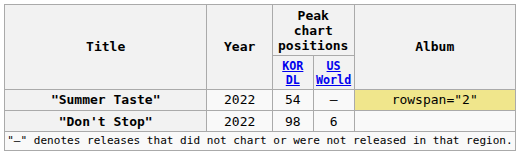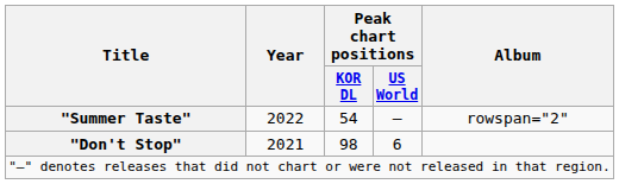 <table class="wikitable plainrowheaders" style="text-align:center;">
 <tr>
 <th scope="col" rowspan="2">Title</th>
 <th scope="col" rowspan="2">Year</th>
 <th scope="col" colspan="2">Peak<br>chart<br>positions</th>
 <th scope="col" rowspan="2">Album</th>
 </tr>
 <tr>
 <th scope="col" style="width:3em;font-size:90%;"><a href='#'>KOR<br>DL</a><br></th>
 <th scope="col" style="width:3em;font-size:90%;"><a href='#'>US<br>World</a><br></th>
 </tr>
 <tr>
 <th scope="row">"Summer Taste"<br></th>
 <td>2022</td>
 <td>54</td>
 <td>—</td>
-<td style="background: khaki;">rowspan="2" </td>
+<td>rowspan="2" </td>
 </tr>
 <tr>
 <th scope="row">"Don't Stop"</th>
-<td>2022</td>
+<td>2021</td>
 <td>98</td>
 <td>6</td>
 </tr>
 <tr>
 <td colspan="5" style="font-size:85%;">"—" denotes releases that did not chart or were not released in that region.</td>
 </tr>
 </table>
